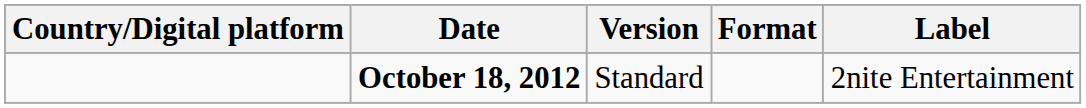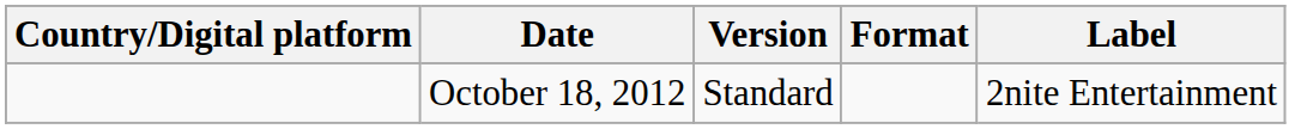 <table class="wikitable">
 <tr>
 <th>Country/Digital platform</th>
 <th>Date</th>
 <th>Version</th>
 <th>Format</th>
 <th>Label</th>
 </tr>
 <tr>
 <td></td>
-<td><strong>October 18, 2012</strong></td>
+<td>October 18, 2012</td>
 <td rowspan="2">Standard</td>
 <td></td>
 <td rowspan="2">2nite Entertainment</td>
 </tr>
 </table>
